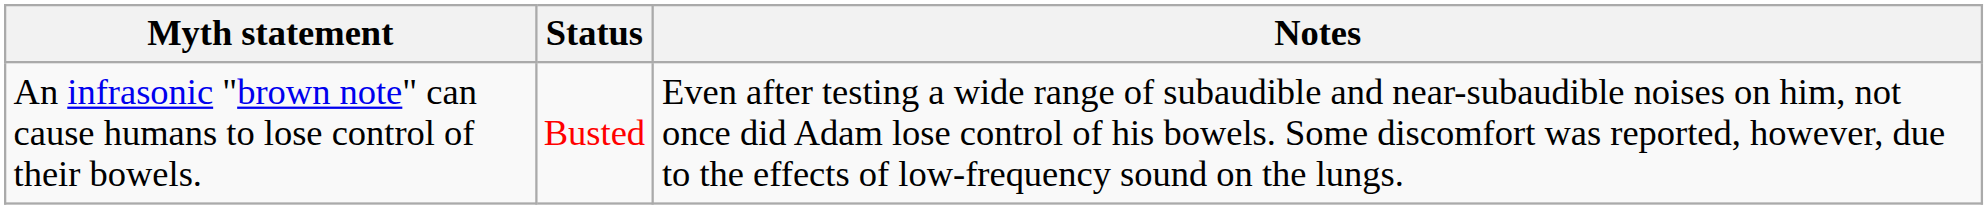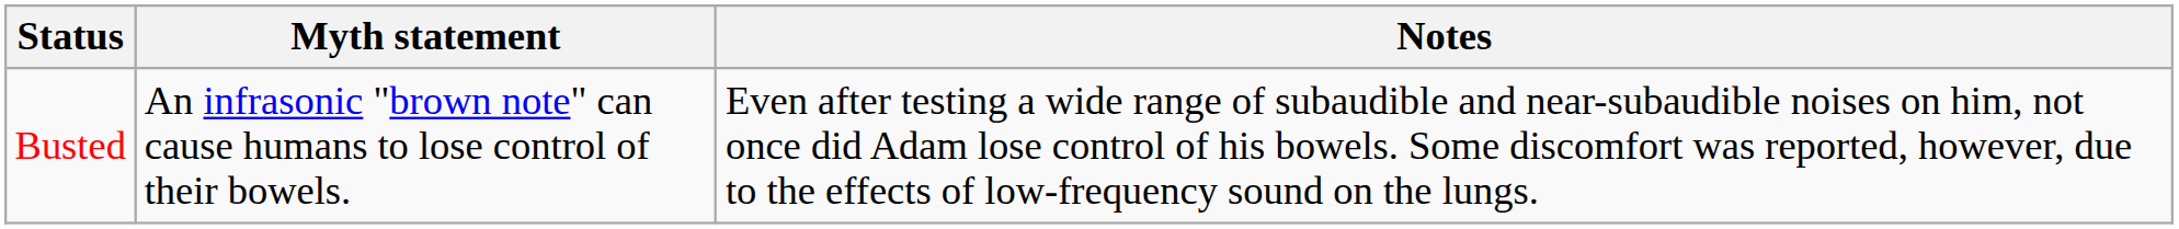 <table class="wikitable plainrowheaders">
 <tr>
+<th>Status</th>
 <th>Myth statement</th>
-<th>Status</th>
 <th>Notes</th>
 </tr>
 <tr>
+<td style="color:red">Busted</td>
 <td>An <a href='#'>infrasonic</a> "<a href='#'>brown note</a>" can cause humans to lose control of their bowels.</td>
-<td style="color:red">Busted</td>
 <td>Even after testing a wide range of subaudible and near-subaudible noises on him, not once did Adam lose control of his bowels. Some discomfort was reported, however, due to the effects of low-frequency sound on the lungs.</td>
 </tr>
 </table>
